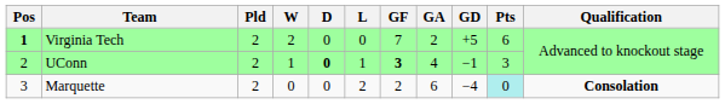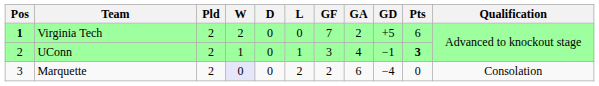 <table class="wikitable" style="text-align:center; margin: 1em auto">
 <tr>
 <th style="width:2em">Pos</th>
 <th style="width:13em">Team</th>
 <th style="width:2em">Pld</th>
 <th style="width:2em">W</th>
 <th style="width:2em">D</th>
 <th style="width:2em">L</th>
 <th style="width:2em">GF</th>
 <th style="width:2em">GA</th>
 <th style="width:2em">GD</th>
 <th style="width:2em">Pts</th>
 <th style="width:13em">Qualification</th>
 </tr>
 <tr bgcolor="#9eff9e">
 <td><strong>1</strong></td>
 <td style="text-align:left">Virginia Tech</td>
 <td>2</td>
 <td>2</td>
 <td>0</td>
 <td>0</td>
 <td>7</td>
 <td>2</td>
 <td>+5</td>
 <td>6</td>
 <td rowspan="2">Advanced to knockout stage</td>
 </tr>
 <tr bgcolor="#9eff9e">
 <td>2</td>
 <td style="text-align:left">UConn</td>
 <td>2</td>
 <td>1</td>
-<td><strong>0</strong></td>
+<td>0</td>
 <td>1</td>
-<td><strong>3</strong></td>
+<td>3</td>
 <td>4</td>
 <td>−1</td>
-<td>3</td>
+<td><strong>3</strong></td>
 </tr>
 <tr>
 <td>3</td>
 <td style="text-align:left">Marquette</td>
 <td>2</td>
-<td>0</td>
+<td style="background: lavender;">0</td>
 <td>0</td>
 <td>2</td>
 <td>2</td>
 <td>6</td>
 <td>−4</td>
-<td style="background: paleturquoise;">0</td>
-<td><strong>Consolation</strong></td>
+<td>0</td>
+<td>Consolation</td>
 </tr>
 </table>
